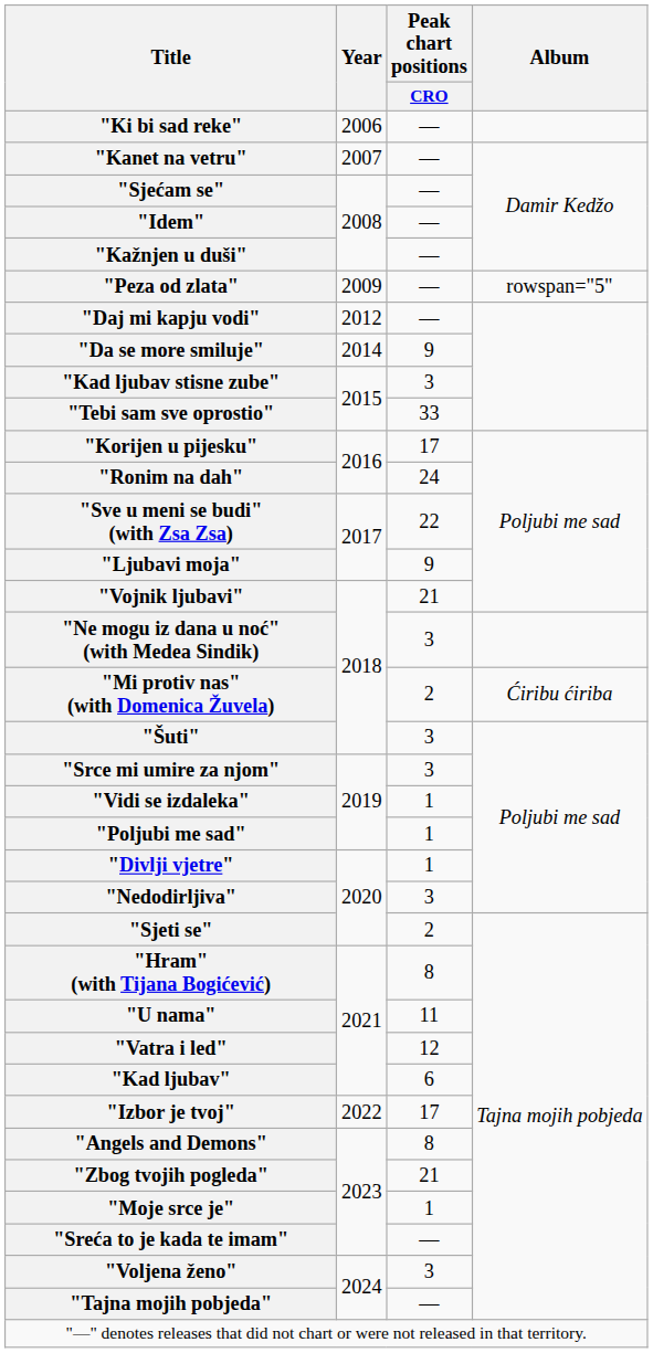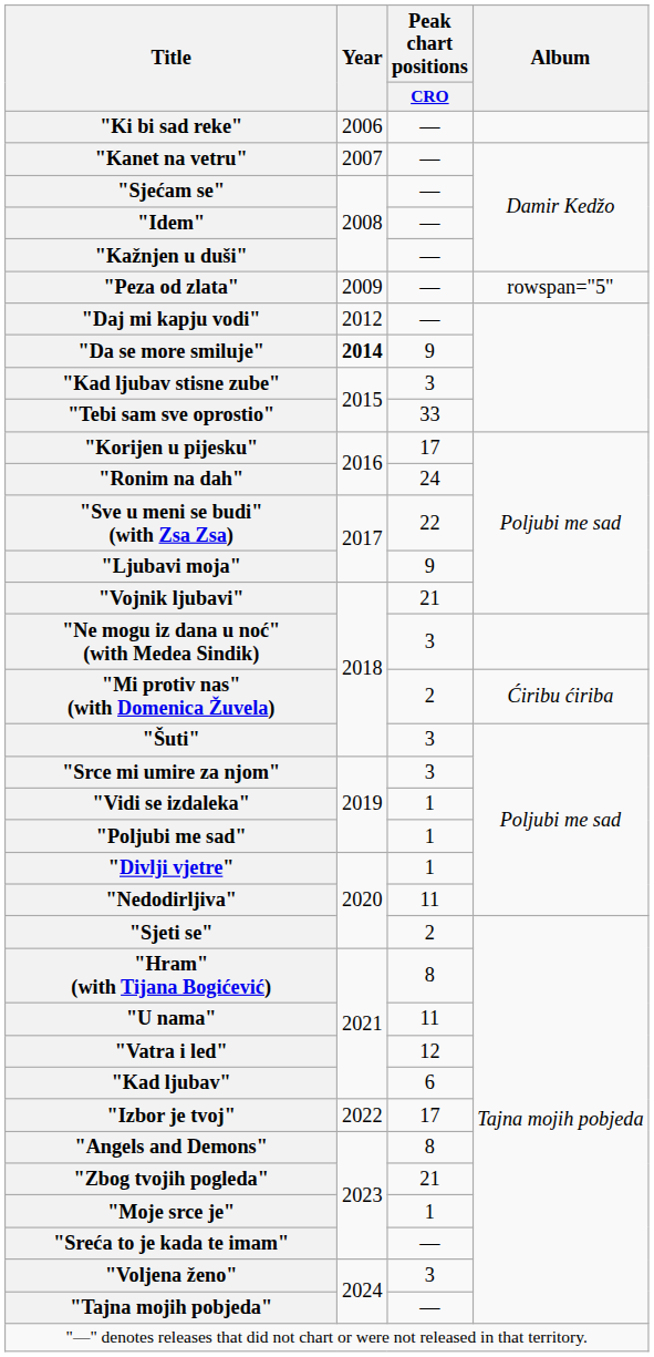 <table class="wikitable plainrowheaders" style="text-align:center;">
 <tr>
 <th scope="col" rowspan="2" style="width:16em;">Title</th>
 <th scope="col" rowspan="2" style="width:1em;">Year</th>
 <th scope="col" colspan="1">Peak chart positions</th>
 <th scope="col" rowspan="2">Album</th>
 </tr>
 <tr>
 <th scope="col" style="width:3em;font-size:85%;"><a href='#'>CRO</a><br></th>
 </tr>
 <tr>
 <th scope="row">"Ki bi sad reke"</th>
 <td>2006</td>
 <td>—</td>
 <td></td>
 </tr>
 <tr>
 <th scope="row">"Kanet na vetru"</th>
 <td rowspan="1">2007</td>
 <td>—</td>
 <td rowspan="4"><em>Damir Kedžo</em></td>
 </tr>
 <tr>
 <th scope="row">"Sjećam se"</th>
 <td rowspan="3">2008</td>
 <td>—</td>
 </tr>
 <tr>
 <th scope="row">"Idem"</th>
 <td>—</td>
 </tr>
 <tr>
 <th scope="row">"Kažnjen u duši"</th>
 <td>—</td>
 </tr>
 <tr>
 <th scope="row">"Peza od zlata"</th>
 <td>2009</td>
 <td>—</td>
 <td>rowspan="5" </td>
 </tr>
 <tr>
 <th scope="row">"Daj mi kapju vodi"</th>
 <td>2012</td>
 <td>—</td>
 </tr>
 <tr>
 <th scope="row">"Da se more smiluje"</th>
-<td>2014</td>
+<td><strong>2014</strong></td>
 <td>9</td>
 </tr>
 <tr>
 <th scope="row">"Kad ljubav stisne zube"</th>
 <td rowspan="2">2015</td>
 <td>3</td>
 </tr>
 <tr>
 <th scope="row">"Tebi sam sve oprostio"</th>
 <td>33</td>
 </tr>
 <tr>
 <th scope="row">"Korijen u pijesku"</th>
 <td rowspan="2">2016</td>
 <td>17</td>
 <td rowspan="5"><em>Poljubi me sad</em></td>
 </tr>
 <tr>
 <th scope="row">"Ronim na dah"</th>
 <td>24</td>
 </tr>
 <tr>
 <th scope="row">"Sve u meni se budi"<br><span>(with <a href='#'>Zsa Zsa</a>)</span></th>
 <td rowspan="2">2017</td>
 <td>22</td>
 </tr>
 <tr>
 <th scope="row">"Ljubavi moja"</th>
 <td>9</td>
 </tr>
 <tr>
 <th scope="row">"Vojnik ljubavi"</th>
 <td rowspan="4">2018</td>
 <td>21</td>
 </tr>
 <tr>
 <th scope="row">"Ne mogu iz dana u noć"<br><span>(with Medea Sindik)</span></th>
 <td>3</td>
 <td></td>
 </tr>
 <tr>
 <th scope="row">"Mi protiv nas"<br><span>(with <a href='#'>Domenica Žuvela</a>)</span></th>
 <td>2</td>
 <td><em>Ćiribu ćiriba</em></td>
 </tr>
 <tr>
 <th scope="row">"Šuti"</th>
 <td>3</td>
 <td rowspan="6"><em>Poljubi me sad</em></td>
 </tr>
 <tr>
 <th scope="row">"Srce mi umire za njom"</th>
 <td rowspan="3">2019</td>
 <td>3</td>
 </tr>
 <tr>
 <th scope="row">"Vidi se izdaleka"</th>
 <td>1</td>
 </tr>
 <tr>
 <th scope="row">"Poljubi me sad"</th>
 <td>1</td>
 </tr>
 <tr>
 <th scope="row">"<a href='#'>Divlji vjetre</a>"</th>
 <td rowspan="3">2020</td>
 <td>1</td>
 </tr>
 <tr>
 <th scope="row">"Nedodirljiva"</th>
-<td>3</td>
+<td>11</td>
 </tr>
 <tr>
 <th scope="row">"Sjeti se"</th>
 <td>2</td>
 <td rowspan="12"><em>Tajna mojih pobjeda</em></td>
 </tr>
 <tr>
 <th scope="row">"Hram"<br><span>(with <a href='#'>Tijana Bogićević</a>)</span></th>
 <td rowspan="4">2021</td>
 <td>8</td>
 </tr>
 <tr>
 <th scope="row">"U nama"</th>
 <td>11</td>
 </tr>
 <tr>
 <th scope="row">"Vatra i led"</th>
 <td>12</td>
 </tr>
 <tr>
 <th scope="row">"Kad ljubav"</th>
 <td>6</td>
 </tr>
 <tr>
 <th scope="row">"Izbor je tvoj"</th>
 <td>2022</td>
 <td>17</td>
 </tr>
 <tr>
 <th scope="row">"Angels and Demons"</th>
 <td rowspan="4">2023</td>
 <td>8</td>
 </tr>
 <tr>
 <th scope="row">"Zbog tvojih pogleda"</th>
 <td>21</td>
 </tr>
 <tr>
 <th scope="row">"Moje srce je"</th>
 <td>1</td>
 </tr>
 <tr>
 <th scope="row">"Sreća to je kada te imam"</th>
 <td>—</td>
 </tr>
 <tr>
 <th scope="row">"Voljena ženo"</th>
 <td rowspan="2">2024</td>
 <td>3</td>
 </tr>
 <tr>
 <th scope="row">"Tajna mojih pobjeda"</th>
 <td>—</td>
 </tr>
 <tr>
 <td colspan="22" style="text-align:center; font-size:85%;">"—" denotes releases that did not chart or were not released in that territory.</td>
 </tr>
 </table>
